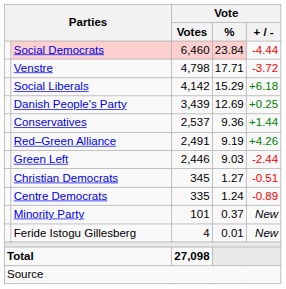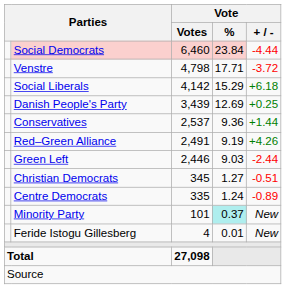 <table class="wikitable" style="text-align:right;">
 <tr>
 <th style="text-align:centre;" rowspan="2" colspan="2" width="225">Parties</th>
 <th colspan="3">Vote</th>
 </tr>
 <tr>
 <th width="15">Votes</th>
 <th width="15">%</th>
 <th width="15">+ / -</th>
 </tr>
 <tr>
 <td width="2" style="color:inherit;background:"></td>
 <td bgcolor=#fbd0ce  align="left"><a href='#'>Social Democrats</a></td>
 <td bgcolor=#fbd0ce>6,460</td>
 <td bgcolor=#fbd0ce>23.84</td>
 <td style=color:red;>-4.44</td>
 </tr>
 <tr>
 <td width="2" style="color:inherit;background:"></td>
 <td align="left"><a href='#'>Venstre</a></td>
 <td>4,798</td>
 <td>17.71</td>
 <td style=color:red;>-3.72</td>
 </tr>
 <tr>
 <td width="2" style="color:inherit;background:"></td>
 <td align="left"><a href='#'>Social Liberals</a></td>
 <td>4,142</td>
 <td>15.29</td>
 <td style=color:green;>+6.18</td>
 </tr>
 <tr>
 <td width="2" style="color:inherit;background:"></td>
 <td align="left"><a href='#'>Danish People's Party</a></td>
 <td>3,439</td>
 <td>12.69</td>
 <td style=color:green;>+0.25</td>
 </tr>
 <tr>
 <td width="2" style="color:inherit;background:"></td>
 <td align="left"><a href='#'>Conservatives</a></td>
 <td>2,537</td>
 <td>9.36</td>
 <td style=color:green;>+1.44</td>
 </tr>
 <tr>
 <td width="2" style="color:inherit;background:"></td>
 <td align="left"><a href='#'>Red–Green Alliance</a></td>
 <td>2,491</td>
 <td>9.19</td>
 <td style=color:green;>+4.26</td>
 </tr>
 <tr>
 <td width="2" style="color:inherit;background:"></td>
 <td align="left"><a href='#'>Green Left</a></td>
 <td>2,446</td>
 <td>9.03</td>
 <td style=color:red;>-2.44</td>
 </tr>
 <tr>
 <td width="2" style="color:inherit;background:"></td>
 <td align="left"><a href='#'>Christian Democrats</a></td>
 <td>345</td>
 <td>1.27</td>
 <td style=color:red;>-0.51</td>
 </tr>
 <tr>
 <td width="2" style="color:inherit;background:"></td>
 <td align="left"><a href='#'>Centre Democrats</a></td>
 <td>335</td>
 <td>1.24</td>
 <td style=color:red;>-0.89</td>
 </tr>
 <tr>
 <td width="2" style="color:inherit;background:"></td>
 <td align="left"><a href='#'>Minority Party</a></td>
 <td>101</td>
-<td>0.37</td>
+<td style="background: paleturquoise;">0.37</td>
 <td><em>New</em></td>
 </tr>
 <tr>
 <td width="2" style="color:inherit;background:"></td>
 <td align="left">Feride Istogu Gillesberg</td>
 <td>4</td>
 <td>0.01</td>
 <td><em>New</em></td>
 </tr>
 <tr>
 <td colspan="7" bgcolor="#E9E9E9"></td>
 </tr>
 <tr>
 <td align="left" colspan="2"><strong>Total</strong></td>
 <td><strong>27,098</strong></td>
 <td bgcolor="#E9E9E9" colspan="2"></td>
 </tr>
 <tr>
 <td align="left" colspan="6">Source</td>
 </tr>
 </table>
